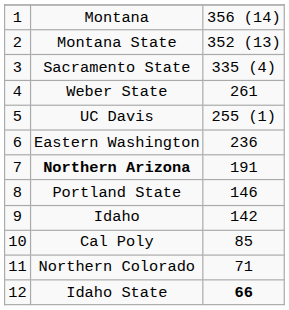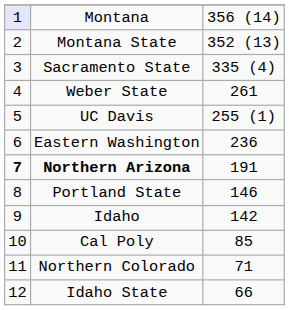 <table class="wikitable" style="display: inline-table;">
 <tr align="center">
 </tr>
 <tr align="center">
-<td>1</td>
+<td style="background: lavender;">1</td>
 <td>Montana</td>
 <td>356 (14)</td>
 </tr>
 <tr align="center">
 <td>2</td>
 <td>Montana State</td>
 <td>352 (13)</td>
 </tr>
 <tr align="center">
 <td>3</td>
 <td>Sacramento State</td>
 <td>335 (4)</td>
 </tr>
 <tr align="center">
 <td>4</td>
 <td>Weber State</td>
 <td>261</td>
 </tr>
 <tr align="center">
 <td>5</td>
 <td>UC Davis</td>
 <td>255 (1)</td>
 </tr>
 <tr align="center">
 <td>6</td>
 <td>Eastern Washington</td>
 <td>236</td>
 </tr>
 <tr align="center">
-<td>7</td>
+<td><strong>7</strong></td>
 <td><strong>Northern Arizona</strong></td>
 <td>191</td>
 </tr>
 <tr align="center">
 <td>8</td>
 <td>Portland State</td>
 <td>146</td>
 </tr>
 <tr align="center">
 <td>9</td>
 <td>Idaho</td>
 <td>142</td>
 </tr>
 <tr align="center">
 <td>10</td>
 <td>Cal Poly</td>
 <td>85</td>
 </tr>
 <tr align="center">
 <td>11</td>
 <td>Northern Colorado</td>
 <td>71</td>
 </tr>
 <tr align="center">
 <td>12</td>
 <td>Idaho State</td>
-<td><strong>66</strong></td>
+<td>66</td>
 </tr>
 </table>
